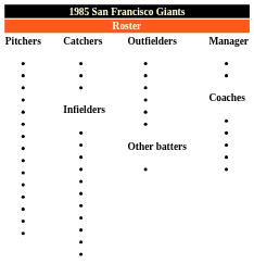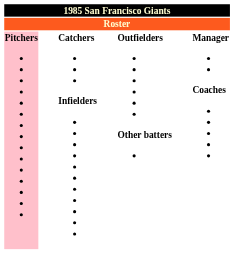 <table class="toccolours" style="font-size: 95%;">
 <tr>
 <th colspan="10" style="background-color: black; color: #FFFDD0; text-align: center;">1985 San Francisco Giants</th>
 </tr>
 <tr>
 <td colspan="10" style="background-color: #fd5a1e; color: #FFFDD0; text-align: center;"><strong>Roster</strong></td>
 </tr>
 <tr>
-<td valign="top"><strong>Pitchers</strong><br><ul><li></li><li></li><li></li><li></li><li></li><li></li><li></li><li></li><li></li><li></li><li></li><li></li><li></li><li></li><li></li></ul></td>
+<td valign="top" style="background: pink;"><strong>Pitchers</strong><br><ul><li></li><li></li><li></li><li></li><li></li><li></li><li></li><li></li><li></li><li></li><li></li><li></li><li></li><li></li><li></li></ul></td>
 <td width="25px"></td>
 <td valign="top"><strong>Catchers</strong><br><ul><li></li><li></li><li></li></ul><strong>Infielders</strong><ul><li></li><li></li><li></li><li></li><li></li><li></li><li></li><li></li><li></li><li></li><li></li></ul></td>
 <td width="25px"></td>
 <td valign="top"><strong>Outfielders</strong><br><ul><li></li><li></li><li></li><li></li><li></li><li></li></ul><strong>Other batters</strong><ul><li></li></ul></td>
 <td width="25px"></td>
 <td valign="top"><strong>Manager</strong><br><ul><li></li><li></li></ul><strong>Coaches</strong><ul><li></li><li></li><li></li><li></li><li></li></ul></td>
 </tr>
 <tr>
 </tr>
 </table>
